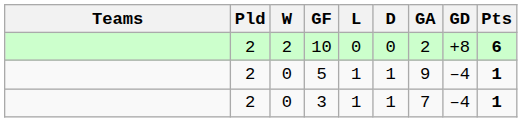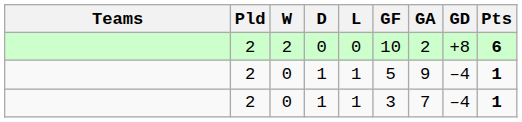 <table class="wikitable" style="text-align: center;">
 <tr>
 <th width=165>Teams</th>
 <th width=20>Pld</th>
 <th width=20>W</th>
+<th width=20>D</th>
+<th width=20>L</th>
 <th width=20>GF</th>
-<th width=20>L</th>
-<th width=20>D</th>
 <th width=20>GA</th>
 <th width=20>GD</th>
 <th width=20>Pts</th>
 </tr>
 <tr align=center style="background:#ccffcc;">
 <td style="text-align:left;"></td>
 <td>2</td>
 <td>2</td>
-<td>10</td>
 <td>0</td>
 <td>0</td>
+<td>10</td>
 <td>2</td>
 <td>+8</td>
 <td><strong>6</strong></td>
 </tr>
 <tr align=center>
 <td style="text-align:left;"></td>
 <td>2</td>
 <td>0</td>
-<td>5</td>
 <td>1</td>
 <td>1</td>
+<td>5</td>
 <td>9</td>
 <td>–4</td>
 <td><strong>1</strong></td>
 </tr>
 <tr align=center>
 <td style="text-align:left;"></td>
 <td>2</td>
 <td>0</td>
-<td>3</td>
 <td>1</td>
 <td>1</td>
+<td>3</td>
 <td>7</td>
 <td>–4</td>
 <td><strong>1</strong></td>
 </tr>
 </table>
